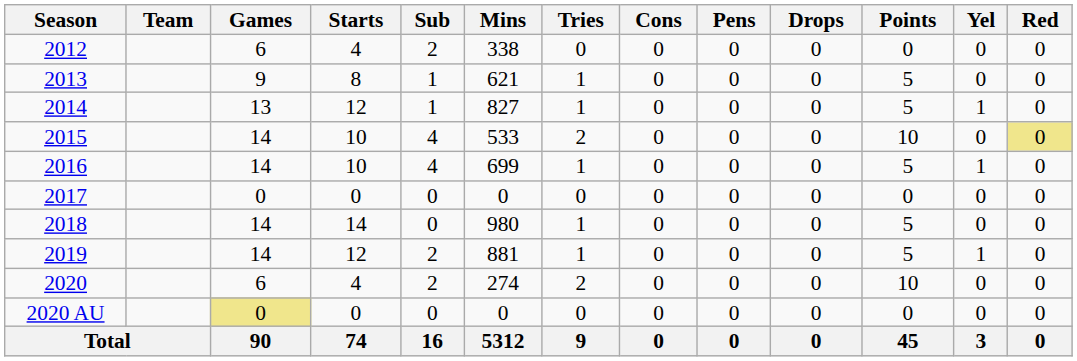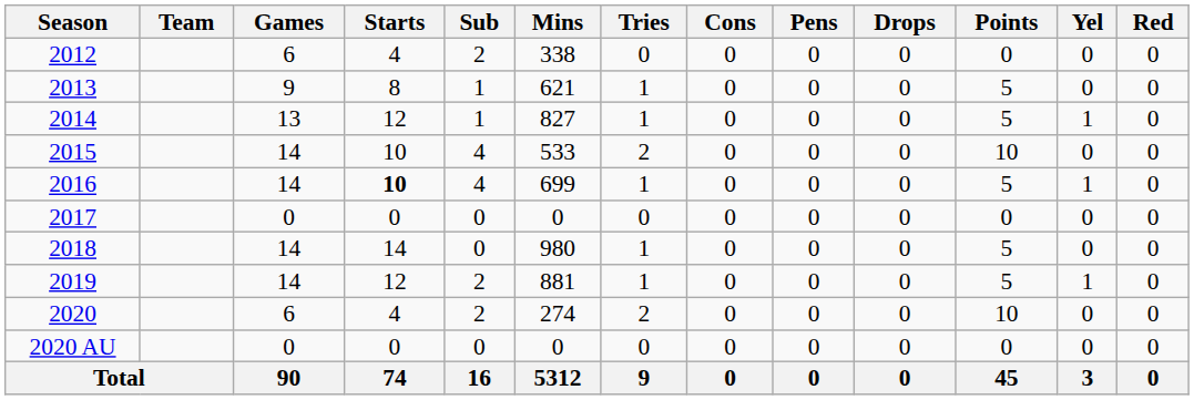 <table class="wikitable" style="text-align:center; line-height:90%; font-size:95%; width:60%;">
 <tr>
 <th>Season</th>
 <th>Team</th>
 <th>Games</th>
 <th>Starts</th>
 <th>Sub</th>
 <th>Mins</th>
 <th>Tries</th>
 <th>Cons</th>
 <th>Pens</th>
 <th>Drops</th>
 <th>Points</th>
 <th>Yel</th>
 <th>Red</th>
 </tr>
 <tr>
 <td><a href='#'>2012</a></td>
 <td></td>
 <td>6</td>
 <td>4</td>
 <td>2</td>
 <td>338</td>
 <td>0</td>
 <td>0</td>
 <td>0</td>
 <td>0</td>
 <td>0</td>
 <td>0</td>
 <td>0</td>
 </tr>
 <tr>
 <td><a href='#'>2013</a></td>
 <td></td>
 <td>9</td>
 <td>8</td>
 <td>1</td>
 <td>621</td>
 <td>1</td>
 <td>0</td>
 <td>0</td>
 <td>0</td>
 <td>5</td>
 <td>0</td>
 <td>0</td>
 </tr>
 <tr>
 <td><a href='#'>2014</a></td>
 <td></td>
 <td>13</td>
 <td>12</td>
 <td>1</td>
 <td>827</td>
 <td>1</td>
 <td>0</td>
 <td>0</td>
 <td>0</td>
 <td>5</td>
 <td>1</td>
 <td>0</td>
 </tr>
 <tr>
 <td><a href='#'>2015</a></td>
 <td></td>
 <td>14</td>
 <td>10</td>
 <td>4</td>
 <td>533</td>
 <td>2</td>
 <td>0</td>
 <td>0</td>
 <td>0</td>
 <td>10</td>
 <td>0</td>
-<td style="background: khaki;">0</td>
+<td>0</td>
 </tr>
 <tr>
 <td><a href='#'>2016</a></td>
 <td></td>
 <td>14</td>
-<td>10</td>
+<td><strong>10</strong></td>
 <td>4</td>
 <td>699</td>
 <td>1</td>
 <td>0</td>
 <td>0</td>
 <td>0</td>
 <td>5</td>
 <td>1</td>
 <td>0</td>
 </tr>
 <tr>
 <td><a href='#'>2017</a></td>
 <td></td>
 <td>0</td>
 <td>0</td>
 <td>0</td>
 <td>0</td>
 <td>0</td>
 <td>0</td>
 <td>0</td>
 <td>0</td>
 <td>0</td>
 <td>0</td>
 <td>0</td>
 </tr>
 <tr>
 <td><a href='#'>2018</a></td>
 <td></td>
 <td>14</td>
 <td>14</td>
 <td>0</td>
 <td>980</td>
 <td>1</td>
 <td>0</td>
 <td>0</td>
 <td>0</td>
 <td>5</td>
 <td>0</td>
 <td>0</td>
 </tr>
 <tr>
 <td><a href='#'>2019</a></td>
 <td></td>
 <td>14</td>
 <td>12</td>
 <td>2</td>
 <td>881</td>
 <td>1</td>
 <td>0</td>
 <td>0</td>
 <td>0</td>
 <td>5</td>
 <td>1</td>
 <td>0</td>
 </tr>
 <tr>
 <td><a href='#'>2020</a></td>
 <td></td>
 <td>6</td>
 <td>4</td>
 <td>2</td>
 <td>274</td>
 <td>2</td>
 <td>0</td>
 <td>0</td>
 <td>0</td>
 <td>10</td>
 <td>0</td>
 <td>0</td>
 </tr>
 <tr>
 <td><a href='#'>2020 AU</a></td>
 <td></td>
-<td style="background: khaki;">0</td>
+<td>0</td>
 <td>0</td>
 <td>0</td>
 <td>0</td>
 <td>0</td>
 <td>0</td>
 <td>0</td>
 <td>0</td>
 <td>0</td>
 <td>0</td>
 <td>0</td>
 </tr>
 <tr>
 <th colspan="2">Total</th>
 <th>90</th>
 <th>74</th>
 <th>16</th>
 <th>5312</th>
 <th>9</th>
 <th>0</th>
 <th>0</th>
 <th>0</th>
 <th>45</th>
 <th>3</th>
 <th>0</th>
 </tr>
 </table>
